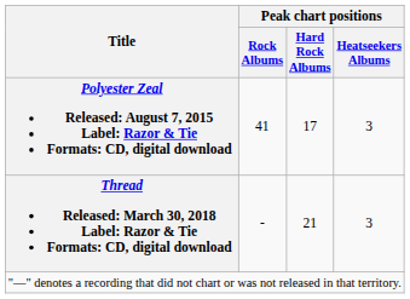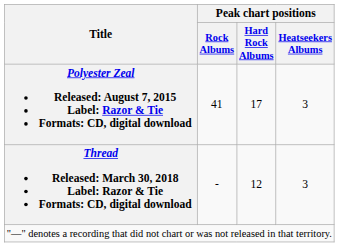 <table class="wikitable plainrowheaders" style="text-align:center;">
 <tr>
 <th scope="col" rowspan="2">Title</th>
 <th scope="col" colspan="3">Peak chart positions</th>
 </tr>
 <tr>
 <th scope="col" style="width:1em;font-size:90%;"><a href='#'>Rock Albums</a><br></th>
 <th scope="col" style="width:1em;font-size:90%;"><a href='#'>Hard Rock Albums</a><br></th>
 <th scope="col" style="width:1em;font-size:90%;"><a href='#'>Heatseekers Albums</a><br></th>
 </tr>
 <tr>
 <th scope="row"><em><a href='#'>Polyester Zeal</a></em><br><ul><li>Released: August 7, 2015</li><li>Label: <a href='#'>Razor & Tie</a></li><li>Formats: CD, digital download</li></ul></th>
 <td>41</td>
 <td>17</td>
 <td>3</td>
 </tr>
 <tr>
 <th scope="row"><em><a href='#'>Thread</a></em><br><ul><li>Released: March 30, 2018</li><li>Label: Razor & Tie</li><li>Formats: CD, digital download</li></ul></th>
 <td>-</td>
-<td>21</td>
+<td>12</td>
 <td>3</td>
 </tr>
 <tr>
 <td colspan="4" style="font-size:90%">"—" denotes a recording that did not chart or was not released in that territory.</td>
 </tr>
 </table>
